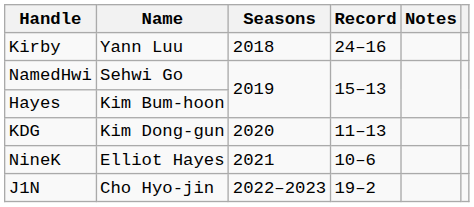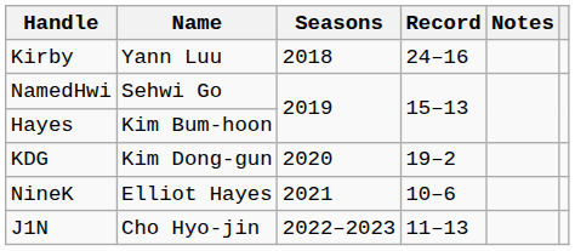 <table class="wikitable">
 <tr>
 <th style="background:#">Handle</th>
 <th style="background:#">Name</th>
 <th style="background:#">Seasons</th>
 <th style="background:#">Record</th>
 <th style="background:#">Notes</th>
 <th style="background:#"></th>
 </tr>
 <tr>
 <td>Kirby</td>
 <td>Yann Luu</td>
 <td>2018</td>
 <td>24–16 </td>
 <td></td>
 <td></td>
 </tr>
 <tr>
 <td>NamedHwi</td>
 <td>Sehwi Go</td>
 <td rowspan=2>2019</td>
 <td rowspan=2>15–13 </td>
 <td rowspan=2></td>
 <td rowspan=2></td>
 </tr>
 <tr>
 <td>Hayes</td>
 <td>Kim Bum-hoon</td>
 </tr>
 <tr>
 <td>KDG</td>
 <td>Kim Dong-gun</td>
 <td>2020</td>
-<td>11–13 </td>
+<td>19–2 </td>
 <td></td>
 <td></td>
 </tr>
 <tr>
 <td>NineK</td>
 <td>Elliot Hayes</td>
 <td>2021</td>
 <td>10–6 </td>
 <td></td>
 <td></td>
 </tr>
 <tr>
 <td>J1N</td>
 <td>Cho Hyo-jin</td>
 <td>2022–2023</td>
-<td>19–2 </td>
+<td>11–13 </td>
 <td></td>
 <td></td>
 </tr>
 </table>
